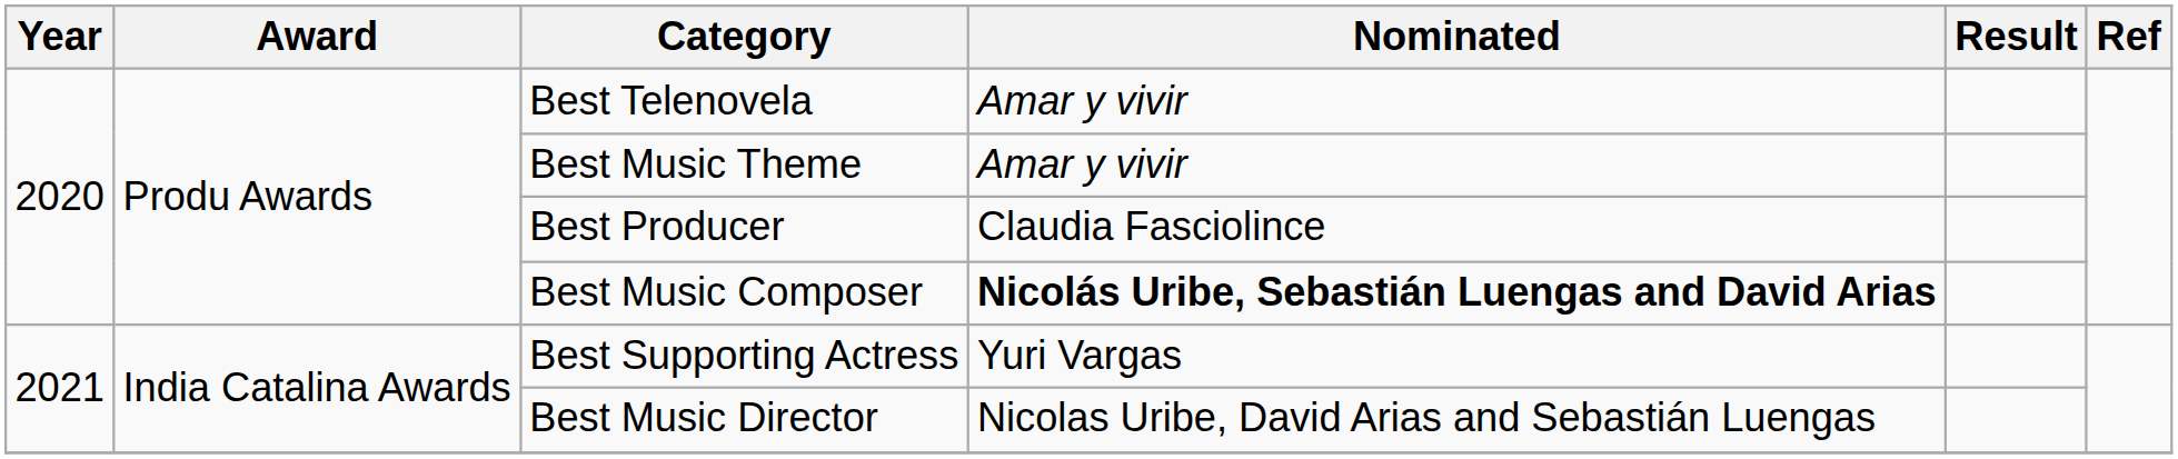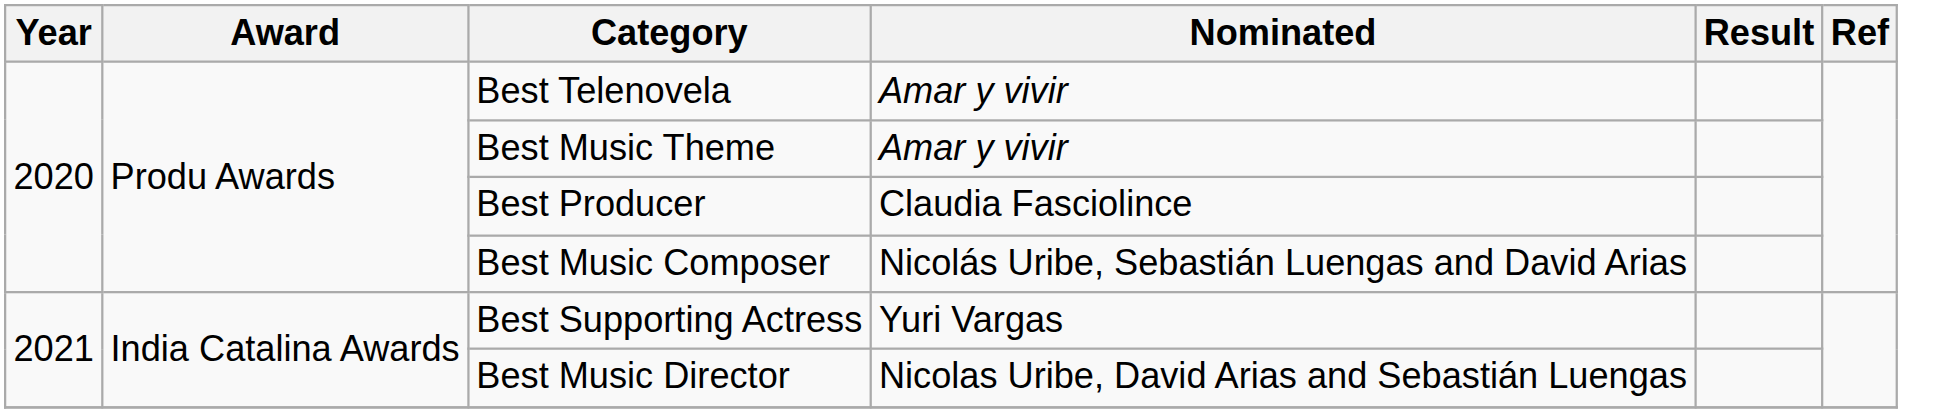 <table class="wikitable plainrowheaders">
 <tr>
 <th scope="col">Year</th>
 <th scope="col">Award</th>
 <th scope="col">Category</th>
 <th scope="col">Nominated</th>
 <th scope="col">Result</th>
 <th scope="col">Ref</th>
 </tr>
 <tr>
 <td rowspan="4">2020</td>
 <td rowspan="4">Produ Awards</td>
 <td>Best Telenovela</td>
 <td><em>Amar y vivir</em></td>
 <td></td>
 <td align="center" rowspan="4"></td>
 </tr>
 <tr>
 <td>Best Music Theme</td>
 <td><em>Amar y vivir</em></td>
 <td></td>
 </tr>
 <tr>
 <td>Best Producer</td>
 <td>Claudia Fasciolince</td>
 <td></td>
 </tr>
 <tr>
 <td>Best Music Composer</td>
-<td><strong>Nicolás Uribe, Sebastián Luengas and David Arias</strong></td>
+<td>Nicolás Uribe, Sebastián Luengas and David Arias</td>
 <td></td>
 </tr>
 <tr>
 <td rowspan="2">2021</td>
 <td rowspan="2">India Catalina Awards</td>
 <td>Best Supporting Actress</td>
 <td>Yuri Vargas</td>
 <td></td>
 <td align="center" rowspan="2"></td>
 </tr>
 <tr>
 <td>Best Music Director</td>
 <td>Nicolas Uribe, David Arias and Sebastián Luengas</td>
 <td></td>
 </tr>
 <tr>
 </tr>
 </table>
